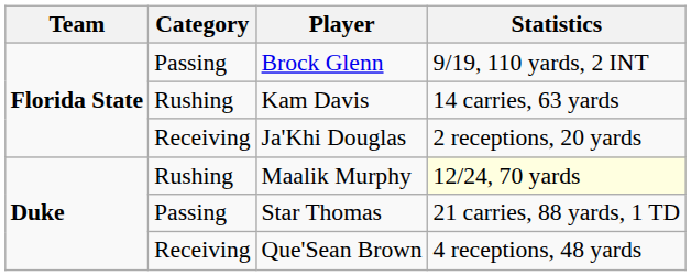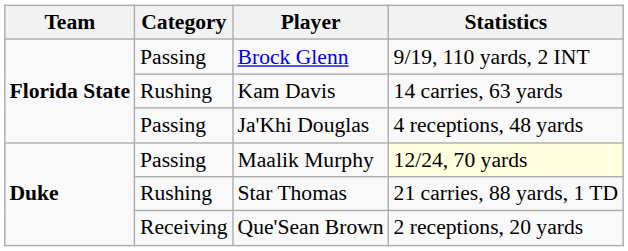 <table class="wikitable" style="float: right;">
 <tr>
 <th>Team</th>
 <th>Category</th>
 <th>Player</th>
 <th>Statistics</th>
 </tr>
 <tr>
 <td rowspan=3><strong>Florida State</strong></td>
 <td>Passing</td>
 <td><a href='#'>Brock Glenn</a></td>
 <td>9/19, 110 yards, 2 INT</td>
 </tr>
 <tr>
 <td>Rushing</td>
 <td>Kam Davis</td>
 <td>14 carries, 63 yards</td>
 </tr>
 <tr>
-<td>Receiving</td>
+<td>Passing</td>
 <td>Ja'Khi Douglas</td>
-<td>2 receptions, 20 yards</td>
+<td>4 receptions, 48 yards</td>
 </tr>
 <tr>
 <td rowspan=3><strong>Duke</strong></td>
-<td>Rushing</td>
+<td>Passing</td>
 <td>Maalik Murphy</td>
 <td style="background: lightyellow;">12/24, 70 yards</td>
 </tr>
 <tr>
-<td>Passing</td>
+<td>Rushing</td>
 <td>Star Thomas</td>
 <td>21 carries, 88 yards, 1 TD</td>
 </tr>
 <tr>
 <td>Receiving</td>
 <td>Que'Sean Brown</td>
-<td>4 receptions, 48 yards</td>
+<td>2 receptions, 20 yards</td>
 </tr>
 </table>
